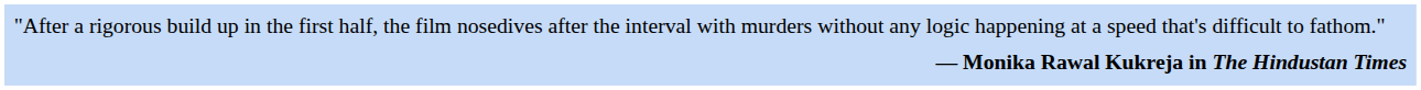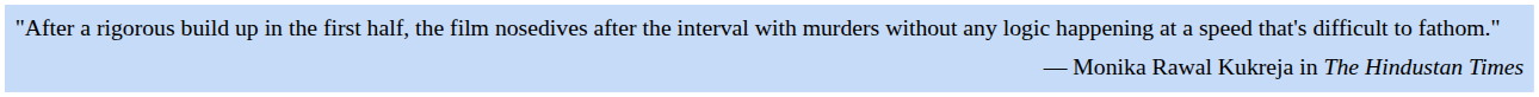 <table class="toccolours" style="float: middle; margin-left: ; margin-right: ; font-size: 85%; background:#c6dbf7; color:black; width:80em; max-width: 100%;" cellspacing="5">
 <tr>
 <td style="text-align: left;">"After a rigorous build up in the first half, the film nosedives after the interval with murders without any logic happening at a speed that's difficult to fathom."</td>
 </tr>
 <tr>
-<td style="text-align: right;"><strong>— Monika Rawal Kukreja in <em>The Hindustan Times</em></strong></td>
+<td style="text-align: right;">— Monika Rawal Kukreja in <em>The Hindustan Times</em></td>
 </tr>
 </table>
